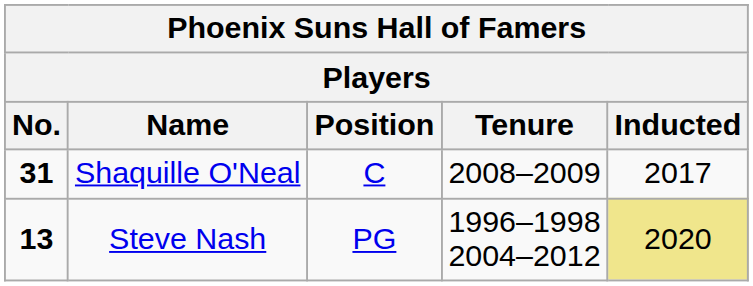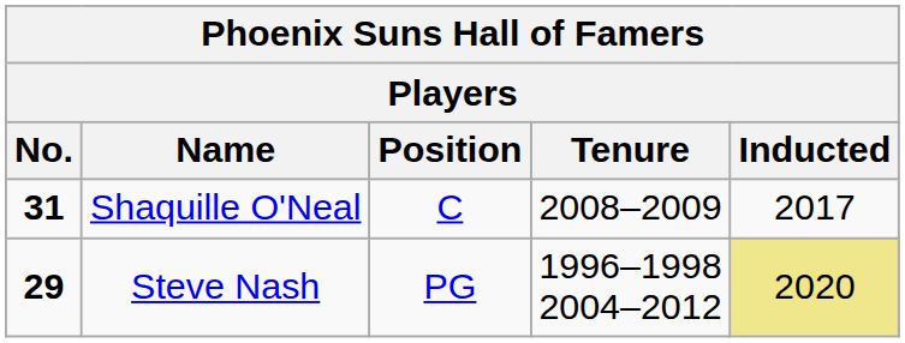 <table class="wikitable" style="text-align:center">
 <tr>
 <th colspan="5">Phoenix Suns Hall of Famers</th>
 </tr>
 <tr>
 <th colspan="5" style="text-align:center; ">Players</th>
 </tr>
 <tr>
 <th>No.</th>
 <th>Name</th>
 <th>Position</th>
 <th>Tenure</th>
 <th>Inducted</th>
 </tr>
 <tr>
 <td><strong>31</strong></td>
 <td><a href='#'>Shaquille O'Neal</a></td>
 <td><a href='#'>C</a></td>
 <td>2008–2009</td>
 <td>2017</td>
 </tr>
 <tr>
-<td><strong>13</strong></td>
+<td><strong>29</strong></td>
 <td><a href='#'>Steve Nash</a></td>
 <td><a href='#'>PG</a></td>
 <td>1996–1998<br>2004–2012</td>
 <td style="background: khaki;">2020</td>
 </tr>
 </table>
